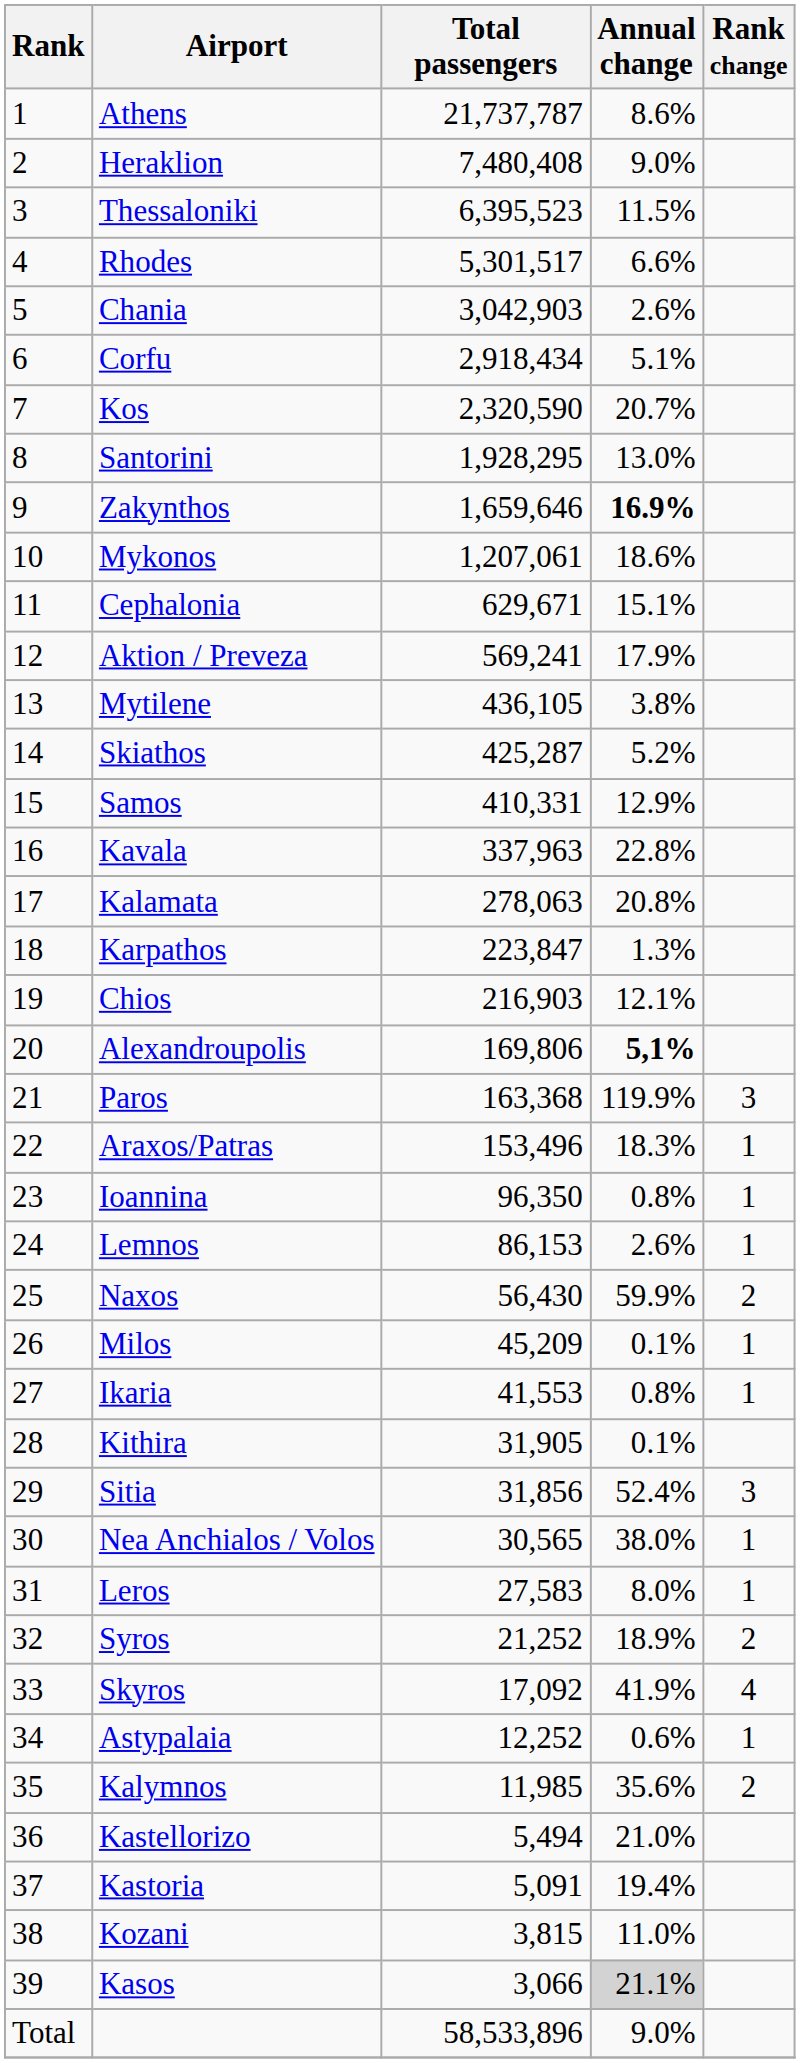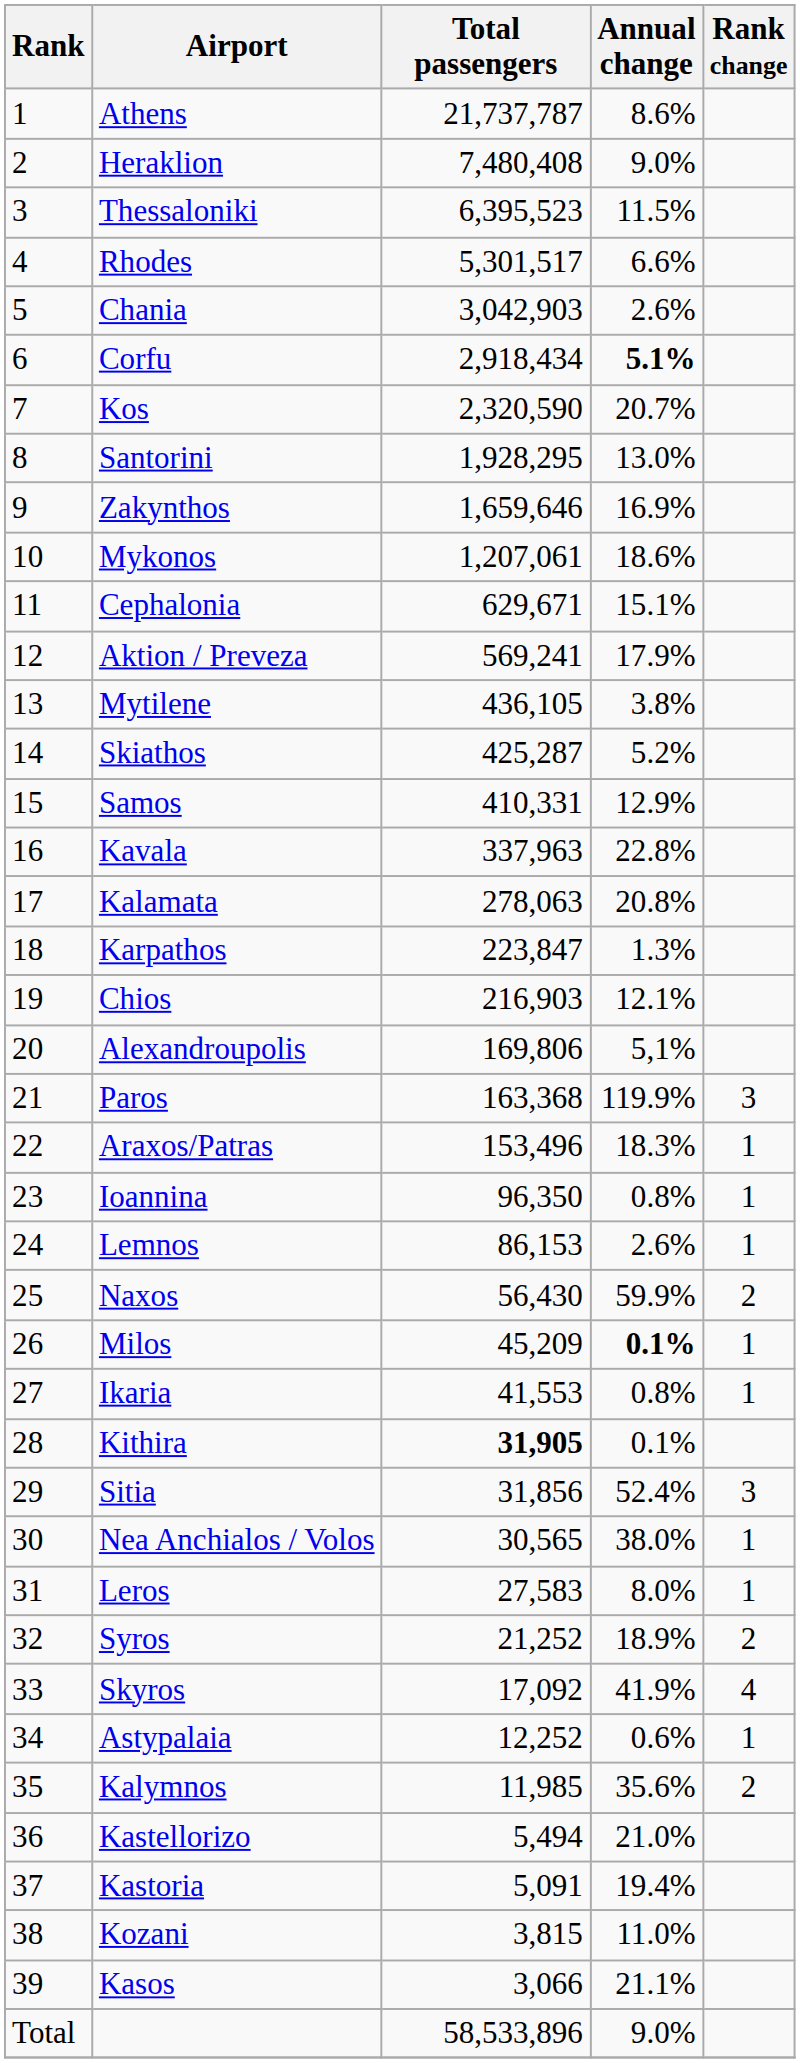 <table class="wikitable">
 <tr>
 <th>Rank</th>
 <th>Airport</th>
 <th style="width:100px">Total<br>passengers</th>
 <th>Annual<br>change</th>
 <th>Rank<br><small>change</small></th>
 </tr>
 <tr>
 <td>1</td>
 <td><a href='#'>Athens</a></td>
 <td align="right">21,737,787</td>
 <td align="right">8.6%</td>
 <td align="center"></td>
 </tr>
 <tr>
 <td>2</td>
 <td><a href='#'>Heraklion</a></td>
 <td align="right">7,480,408</td>
 <td align="right">9.0%</td>
 <td align="center"></td>
 </tr>
 <tr>
 <td>3</td>
 <td><a href='#'>Thessaloniki</a></td>
 <td align="right">6,395,523</td>
 <td align="right">11.5%</td>
 <td align="center"></td>
 </tr>
 <tr>
 <td>4</td>
 <td><a href='#'>Rhodes</a></td>
 <td align="right">5,301,517</td>
 <td align="right">6.6%</td>
 <td align="center"></td>
 </tr>
 <tr>
 <td>5</td>
 <td><a href='#'>Chania</a></td>
 <td align="right">3,042,903</td>
 <td align="right">2.6%</td>
 <td align="center"></td>
 </tr>
 <tr>
 <td>6</td>
 <td><a href='#'>Corfu</a></td>
 <td align="right">2,918,434</td>
-<td align="right">5.1%</td>
+<td align="right"><strong>5.1%</strong></td>
 <td align="center"></td>
 </tr>
 <tr>
 <td>7</td>
 <td><a href='#'>Kos</a></td>
 <td align="right">2,320,590</td>
 <td align="right">20.7%</td>
 <td align="center"></td>
 </tr>
 <tr>
 <td>8</td>
 <td><a href='#'>Santorini</a></td>
 <td align="right">1,928,295</td>
 <td align="right">13.0%</td>
 <td align="center"></td>
 </tr>
 <tr>
 <td>9</td>
 <td><a href='#'>Zakynthos</a></td>
 <td align="right">1,659,646</td>
-<td align="right"><strong>16.9%</strong></td>
+<td align="right">16.9%</td>
 <td align="center"></td>
 </tr>
 <tr>
 <td>10</td>
 <td><a href='#'>Mykonos</a></td>
 <td align="right">1,207,061</td>
 <td align="right">18.6%</td>
 <td align="center"></td>
 </tr>
 <tr>
 <td>11</td>
 <td><a href='#'>Cephalonia</a></td>
 <td align="right">629,671</td>
 <td align="right">15.1%</td>
 <td align="center"></td>
 </tr>
 <tr>
 <td>12</td>
 <td><a href='#'>Aktion / Preveza</a></td>
 <td align="right">569,241</td>
 <td align="right">17.9%</td>
 <td align="center"></td>
 </tr>
 <tr>
 <td>13</td>
 <td><a href='#'>Mytilene</a></td>
 <td align="right">436,105</td>
 <td align="right">3.8%</td>
 <td align="center"></td>
 </tr>
 <tr>
 <td>14</td>
 <td><a href='#'>Skiathos</a></td>
 <td align="right">425,287</td>
 <td align="right">5.2%</td>
 <td align="center"></td>
 </tr>
 <tr>
 <td>15</td>
 <td><a href='#'>Samos</a></td>
 <td align="right">410,331</td>
 <td align="right">12.9%</td>
 <td align="center"></td>
 </tr>
 <tr>
 <td>16</td>
 <td><a href='#'>Kavala</a></td>
 <td align="right">337,963</td>
 <td align="right">22.8%</td>
 <td align="center"></td>
 </tr>
 <tr>
 <td>17</td>
 <td><a href='#'>Kalamata</a></td>
 <td align="right">278,063</td>
 <td align="right">20.8%</td>
 <td align="center"></td>
 </tr>
 <tr>
 <td>18</td>
 <td><a href='#'>Karpathos</a></td>
 <td align="right">223,847</td>
 <td align="right">1.3%</td>
 <td align="center"></td>
 </tr>
 <tr>
 <td>19</td>
 <td><a href='#'>Chios</a></td>
 <td align="right">216,903</td>
 <td align="right">12.1%</td>
 <td align="center"></td>
 </tr>
 <tr>
 <td>20</td>
 <td><a href='#'>Alexandroupolis</a></td>
 <td align="right">169,806</td>
-<td align="right"><strong>5,1%</strong></td>
+<td align="right">5,1%</td>
 <td align="center"></td>
 </tr>
 <tr>
 <td>21</td>
 <td><a href='#'>Paros</a></td>
 <td align="right">163,368</td>
 <td align="right">119.9%</td>
 <td align="center">3</td>
 </tr>
 <tr>
 <td>22</td>
 <td><a href='#'>Araxos/Patras</a></td>
 <td align="right">153,496</td>
 <td align="right">18.3%</td>
 <td align="center">1</td>
 </tr>
 <tr>
 <td>23</td>
 <td><a href='#'>Ioannina</a></td>
 <td align="right">96,350</td>
 <td align="right">0.8%</td>
 <td align="center">1</td>
 </tr>
 <tr>
 <td>24</td>
 <td><a href='#'>Lemnos</a></td>
 <td align="right">86,153</td>
 <td align="right">2.6%</td>
 <td align="center">1</td>
 </tr>
 <tr>
 <td>25</td>
 <td><a href='#'>Naxos</a></td>
 <td align="right">56,430</td>
 <td align="right">59.9%</td>
 <td align="center">2</td>
 </tr>
 <tr>
 <td>26</td>
 <td><a href='#'>Milos</a></td>
 <td align="right">45,209</td>
-<td align="right">0.1%</td>
+<td align="right"><strong>0.1%</strong></td>
 <td align="center">1</td>
 </tr>
 <tr>
 <td>27</td>
 <td><a href='#'>Ikaria</a></td>
 <td align="right">41,553</td>
 <td align="right">0.8%</td>
 <td align="center">1</td>
 </tr>
 <tr>
 <td>28</td>
 <td><a href='#'>Kithira</a></td>
-<td align="right">31,905</td>
+<td align="right"><strong>31,905</strong></td>
 <td align="right">0.1%</td>
 <td align="center"></td>
 </tr>
 <tr>
 <td>29</td>
 <td><a href='#'>Sitia</a></td>
 <td align="right">31,856</td>
 <td align="right">52.4%</td>
 <td align="center">3</td>
 </tr>
 <tr>
 <td>30</td>
 <td><a href='#'>Nea Anchialos / Volos</a></td>
 <td align="right">30,565</td>
 <td align="right">38.0%</td>
 <td align="center">1</td>
 </tr>
 <tr>
 <td>31</td>
 <td><a href='#'>Leros</a></td>
 <td align="right">27,583</td>
 <td align="right">8.0%</td>
 <td align="center">1</td>
 </tr>
 <tr>
 <td>32</td>
 <td><a href='#'>Syros</a></td>
 <td align="right">21,252</td>
 <td align="right">18.9%</td>
 <td align="center">2</td>
 </tr>
 <tr>
 <td>33</td>
 <td><a href='#'>Skyros</a></td>
 <td align="right">17,092</td>
 <td align="right">41.9%</td>
 <td align="center">4</td>
 </tr>
 <tr>
 <td>34</td>
 <td><a href='#'>Astypalaia</a></td>
 <td align="right">12,252</td>
 <td align="right">0.6%</td>
 <td align="center">1</td>
 </tr>
 <tr>
 <td>35</td>
 <td><a href='#'>Kalymnos</a></td>
 <td align="right">11,985</td>
 <td align="right">35.6%</td>
 <td align="center">2</td>
 </tr>
 <tr>
 <td>36</td>
 <td><a href='#'>Kastellorizo</a></td>
 <td align="right">5,494</td>
 <td align="right">21.0%</td>
 <td align="center"></td>
 </tr>
 <tr>
 <td>37</td>
 <td><a href='#'>Kastoria</a></td>
 <td align="right">5,091</td>
 <td align="right">19.4%</td>
 <td align="center"></td>
 </tr>
 <tr>
 <td>38</td>
 <td><a href='#'>Kozani</a></td>
 <td align="right">3,815</td>
 <td align="right">11.0%</td>
 <td align="center"></td>
 </tr>
 <tr>
 <td>39</td>
 <td><a href='#'>Kasos</a></td>
 <td align="right">3,066</td>
-<td align="right" style="background: lightgrey;">21.1%</td>
+<td align="right">21.1%</td>
 <td align="center"></td>
 </tr>
 <tr>
 <td>Total</td>
 <td></td>
 <td align="right">58,533,896</td>
 <td align="right">9.0%</td>
 <td></td>
 </tr>
 <tr>
 </tr>
 </table>
